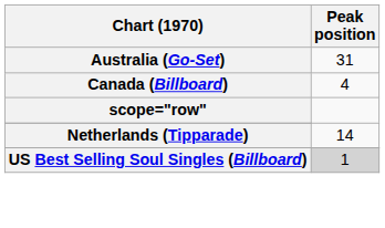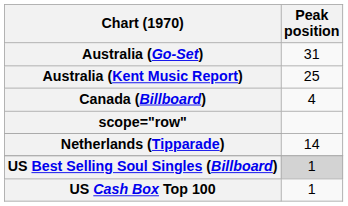 <table class="wikitable sortable plainrowheaders" style="text-align:center">
 <tr>
 <th align="left">Chart (1970)</th>
 <th align="left">Peak<br>position</th>
 </tr>
 <tr>
 <th scope="row">Australia (<em><a href='#'>Go-Set</a></em>)</th>
 <td align="center">31</td>
+</tr>
+<tr>
+<th scope="row">Australia (<a href='#'>Kent Music Report</a>)</th>
+<td align="center">25</td>
 </tr>
 <tr>
 <th scope="row">Canada (<em><a href='#'>Billboard</a></em>)</th>
 <td style="text-align:center;">4</td>
 </tr>
 <tr>
 <th>scope="row" </th>
 </tr>
 <tr>
 </tr>
 <tr>
 <th scope="row">Netherlands (<a href='#'>Tipparade</a>)</th>
 <td align="center">14</td>
 </tr>
 <tr>
 </tr>
 <tr>
 </tr>
 <tr>
 </tr>
 <tr>
 <th scope="row">US <a href='#'>Best Selling Soul Singles</a> (<em><a href='#'>Billboard</a></em>)</th>
 <td align="center" style="background: lightgrey;">1</td>
 </tr>
+<tr>
+<th scope="row">US <em><a href='#'>Cash Box</a></em> Top 100</th>
+<td>1</td>
+</tr>
 </table>
